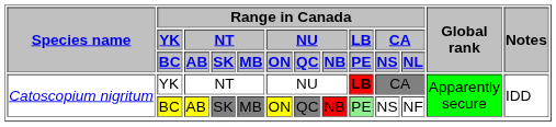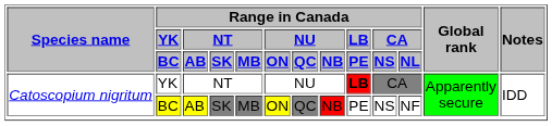 <table border="1" |>
 <tr>
 <th rowspan="3" bgcolor=silver><a href='#'>Species name</a></th>
 <th colspan="10" bgcolor=silver>Range in Canada</th>
 <th rowspan="3" bgcolor=silver>Global <br> rank</th>
 <th rowspan="3" bgcolor=silver>Notes</th>
 </tr>
 <tr>
 <th bgcolor=silver><a href='#'>YK</a></th>
 <th colspan="3" bgcolor=silver><a href='#'>NT</a></th>
 <th colspan="3" bgcolor=silver><a href='#'>NU</a></th>
 <th bgcolor=silver><a href='#'>LB</a></th>
 <th colspan="2" bgcolor=silver><a href='#'>CA</a></th>
 </tr>
 <tr>
 <th bgcolor=silver><a href='#'>BC</a></th>
 <th bgcolor=silver><a href='#'>AB</a></th>
 <th bgcolor=silver><a href='#'>SK</a></th>
 <th bgcolor=silver><a href='#'>MB</a></th>
 <th bgcolor=silver><a href='#'>ON</a></th>
 <th bgcolor=silver><a href='#'>QC</a></th>
 <th bgcolor=silver><a href='#'>NB</a></th>
 <th bgcolor=silver><a href='#'>PE</a></th>
 <th bgcolor=silver><a href='#'>NS</a></th>
 <th bgcolor=silver><a href='#'>NL</a></th>
 </tr>
 <tr>
 <td rowspan="2"><em><a href='#'>Catoscopium nigritum</a></em></td>
 <td>YK</td>
 <td colspan="3" align="center">NT</td>
 <td colspan="3" align="center">NU</td>
 <td bgcolor=red><strong>LB</strong></td>
 <td colspan="2" align="center" bgcolor=gray>CA</td>
 <td rowspan="2" align="center" bgcolor=lime>Apparently <br> secure</td>
 <td rowspan="2">IDD</td>
 </tr>
 <tr>
 <td bgcolor=yellow>BC</td>
 <td bgcolor=yellow>AB</td>
 <td bgcolor=gray>SK</td>
 <td bgcolor=gray>MB</td>
 <td bgcolor=yellow>ON</td>
 <td bgcolor=gray>QC</td>
 <td bgcolor=red>NB</td>
-<td style="background: lightgreen;">PE</td>
+<td>PE</td>
 <td>NS</td>
 <td>NF</td>
 </tr>
 <tr>
 </tr>
 </table>
